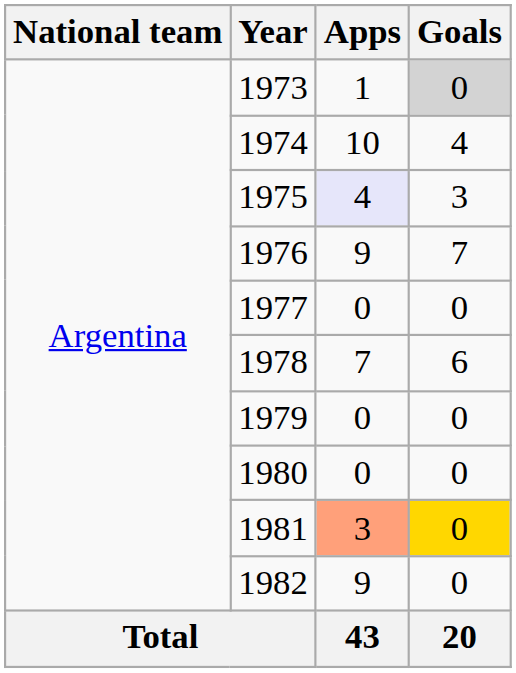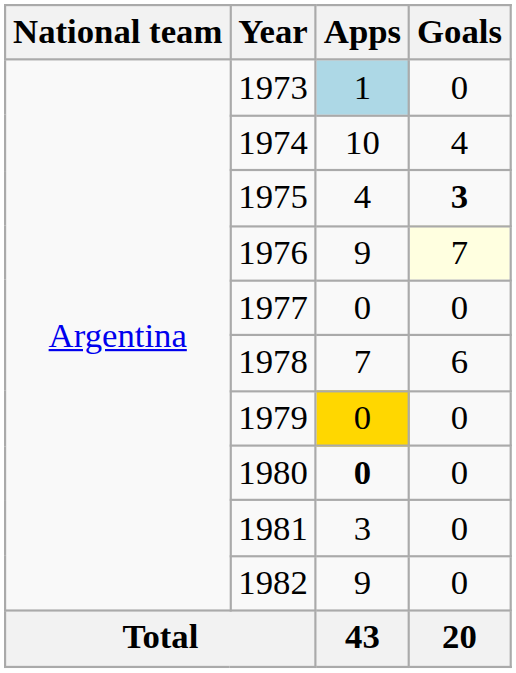 <table class="wikitable" style="text-align:center">
 <tr>
 <th>National team</th>
 <th>Year</th>
 <th>Apps</th>
 <th>Goals</th>
 </tr>
 <tr>
 <td rowspan="10"><a href='#'>Argentina</a></td>
 <td>1973</td>
-<td>1</td>
-<td style="background: lightgrey;">0</td>
+<td style="background: lightblue;">1</td>
+<td>0</td>
 </tr>
 <tr>
 <td>1974</td>
 <td>10</td>
 <td>4</td>
 </tr>
 <tr>
 <td>1975</td>
-<td style="background: lavender;">4</td>
-<td>3</td>
+<td>4</td>
+<td><strong>3</strong></td>
 </tr>
 <tr>
 <td>1976</td>
 <td>9</td>
-<td>7</td>
+<td style="background: lightyellow;">7</td>
 </tr>
 <tr>
 <td>1977</td>
 <td>0</td>
 <td>0</td>
 </tr>
 <tr>
 <td>1978</td>
 <td>7</td>
 <td>6</td>
 </tr>
 <tr>
 <td>1979</td>
-<td>0</td>
+<td style="background: gold;">0</td>
 <td>0</td>
 </tr>
 <tr>
 <td>1980</td>
-<td>0</td>
+<td><strong>0</strong></td>
 <td>0</td>
 </tr>
 <tr>
 <td>1981</td>
-<td style="background: lightsalmon;">3</td>
-<td style="background: gold;">0</td>
+<td>3</td>
+<td>0</td>
 </tr>
 <tr>
 <td>1982</td>
 <td>9</td>
 <td>0</td>
 </tr>
 <tr>
 <th colspan="2">Total</th>
 <th>43</th>
 <th>20</th>
 </tr>
 </table>
